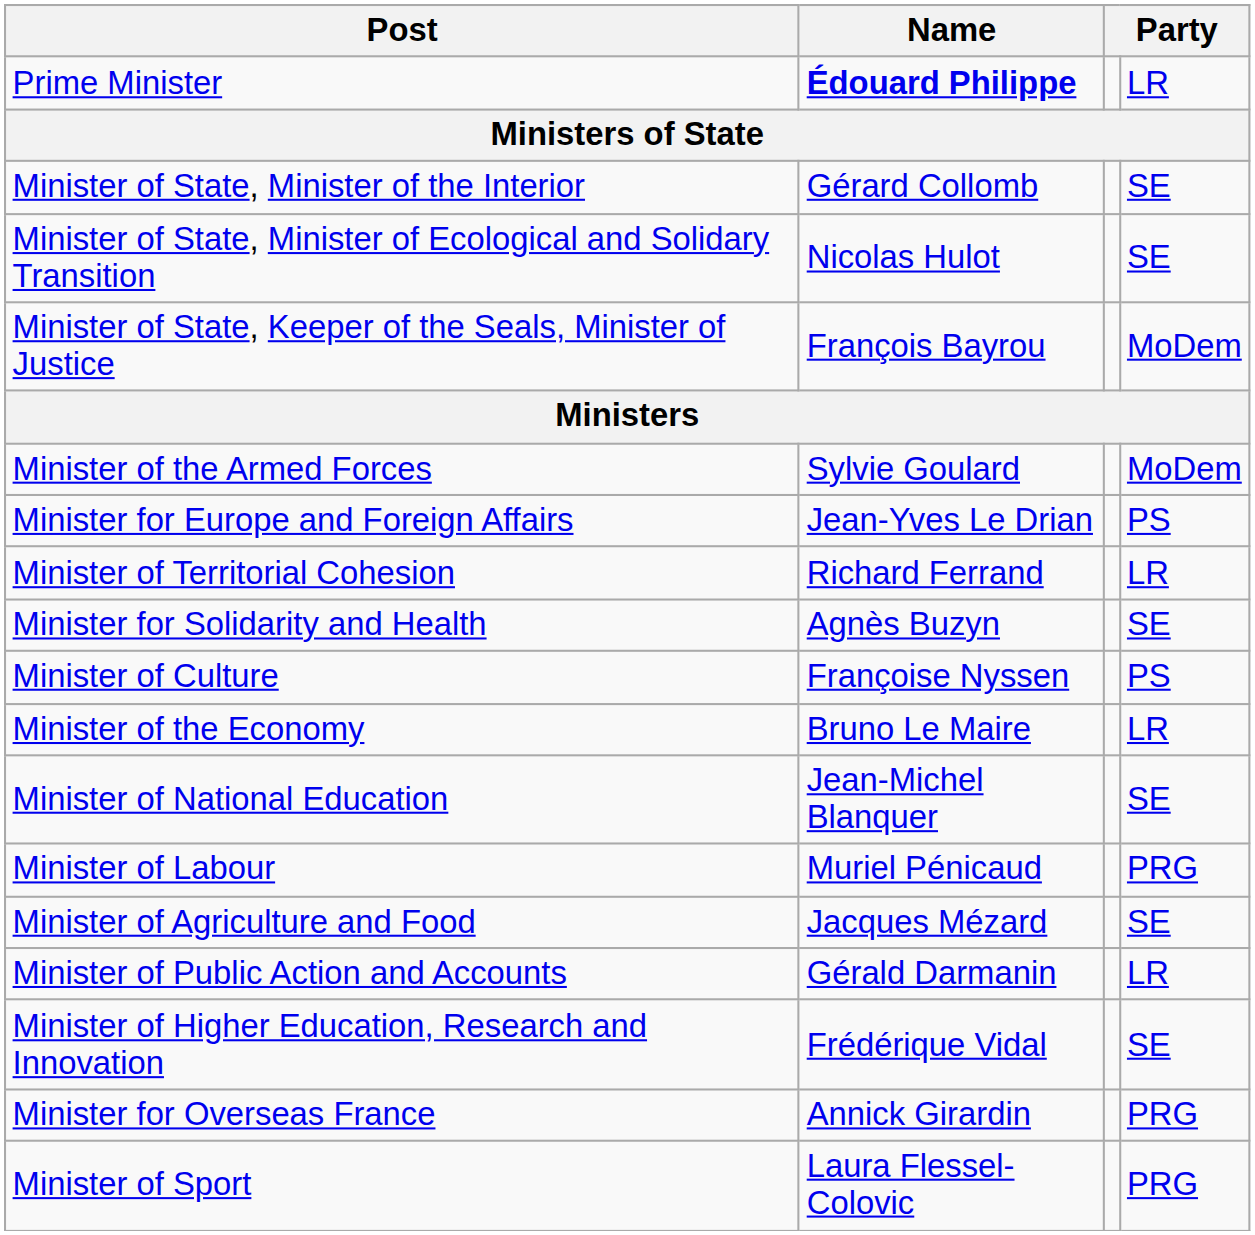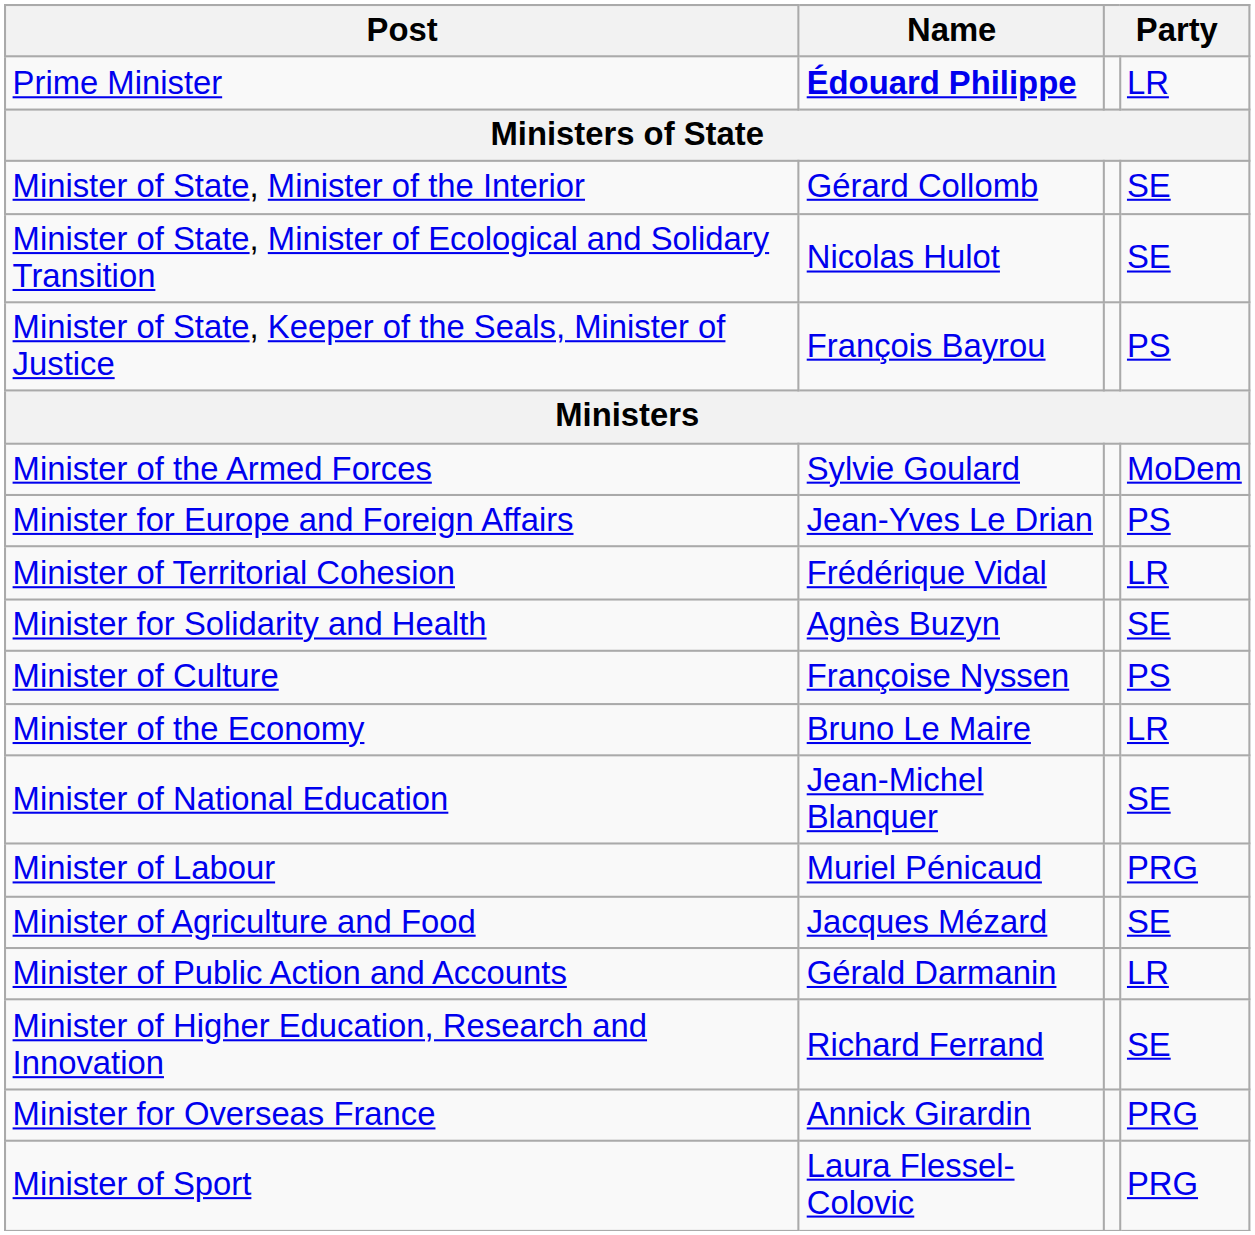 <table class="wikitable">
 <tr>
 <th scope="col">Post</th>
 <th scope="col">Name</th>
 <th colspan="2" scope="col">Party</th>
 </tr>
 <tr>
 <td><a href='#'>Prime Minister</a></td>
 <td><strong><a href='#'>Édouard Philippe</a></strong></td>
 <td style="background:"></td>
 <td><a href='#'>LR</a></td>
 </tr>
 <tr>
 <th colspan="4">Ministers of State</th>
 </tr>
 <tr>
 <td><a href='#'>Minister of State</a>, <a href='#'>Minister of the Interior</a></td>
 <td><a href='#'>Gérard Collomb</a></td>
 <td style="background:"></td>
 <td><a href='#'>SE</a></td>
 </tr>
 <tr>
 <td><a href='#'>Minister of State</a>, <a href='#'>Minister of Ecological and Solidary Transition</a></td>
 <td><a href='#'>Nicolas Hulot</a></td>
 <td style="background:"></td>
 <td><a href='#'>SE</a></td>
 </tr>
 <tr>
 <td><a href='#'>Minister of State</a>, <a href='#'>Keeper of the Seals, Minister of Justice</a></td>
 <td><a href='#'>François Bayrou</a></td>
 <td style="background:"></td>
-<td><a href='#'>MoDem</a></td>
+<td><a href='#'>PS</a></td>
 </tr>
 <tr>
 <th colspan="4">Ministers</th>
 </tr>
 <tr>
 <td><a href='#'>Minister of the Armed Forces</a></td>
 <td><a href='#'>Sylvie Goulard</a></td>
 <td style="background:"></td>
 <td><a href='#'>MoDem</a></td>
 </tr>
 <tr>
 <td><a href='#'>Minister for Europe and Foreign Affairs</a></td>
 <td><a href='#'>Jean-Yves Le Drian</a></td>
 <td style="background:"></td>
 <td><a href='#'>PS</a></td>
 </tr>
 <tr>
 <td><a href='#'>Minister of Territorial Cohesion</a></td>
-<td><a href='#'>Richard Ferrand</a></td>
+<td><a href='#'>Frédérique Vidal</a></td>
 <td style="background:"></td>
 <td><a href='#'>LR</a></td>
 </tr>
 <tr>
 <td><a href='#'>Minister for Solidarity and Health</a></td>
 <td><a href='#'>Agnès Buzyn</a></td>
 <td style="background:"></td>
 <td><a href='#'>SE</a></td>
 </tr>
 <tr>
 <td><a href='#'>Minister of Culture</a></td>
 <td><a href='#'>Françoise Nyssen</a></td>
 <td style="background:"></td>
 <td><a href='#'>PS</a></td>
 </tr>
 <tr>
 <td><a href='#'>Minister of the Economy</a></td>
 <td><a href='#'>Bruno Le Maire</a></td>
 <td style="background:"></td>
 <td><a href='#'>LR</a></td>
 </tr>
 <tr>
 <td><a href='#'>Minister of National Education</a></td>
 <td><a href='#'>Jean-Michel Blanquer</a></td>
 <td style="background:"></td>
 <td><a href='#'>SE</a></td>
 </tr>
 <tr>
 <td><a href='#'>Minister of Labour</a></td>
 <td><a href='#'>Muriel Pénicaud</a></td>
 <td style="background:"></td>
 <td><a href='#'>PRG</a></td>
 </tr>
 <tr>
 <td><a href='#'>Minister of Agriculture and Food</a></td>
 <td><a href='#'>Jacques Mézard</a></td>
 <td style="background:"></td>
 <td><a href='#'>SE</a></td>
 </tr>
 <tr>
 <td><a href='#'>Minister of Public Action and Accounts</a></td>
 <td><a href='#'>Gérald Darmanin</a></td>
 <td style="background:"></td>
 <td><a href='#'>LR</a></td>
 </tr>
 <tr>
 <td><a href='#'>Minister of Higher Education, Research and Innovation</a></td>
-<td><a href='#'>Frédérique Vidal</a></td>
+<td><a href='#'>Richard Ferrand</a></td>
 <td style="background:"></td>
 <td><a href='#'>SE</a></td>
 </tr>
 <tr>
 <td><a href='#'>Minister for Overseas France</a></td>
 <td><a href='#'>Annick Girardin</a></td>
 <td style="background:"></td>
 <td><a href='#'>PRG</a></td>
 </tr>
 <tr>
 <td><a href='#'>Minister of Sport</a></td>
 <td><a href='#'>Laura Flessel-Colovic</a></td>
 <td style="background:"></td>
 <td><a href='#'>PRG</a></td>
 </tr>
 </table>
